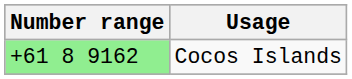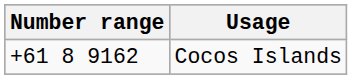 <table class="wikitable" border=1>
 <tr>
 <th>Number range</th>
 <th>Usage</th>
 </tr>
 <tr>
-<td style="background: lightgreen;">+61 8 9162</td>
+<td>+61 8 9162</td>
 <td>Cocos Islands</td>
 </tr>
 </table>
